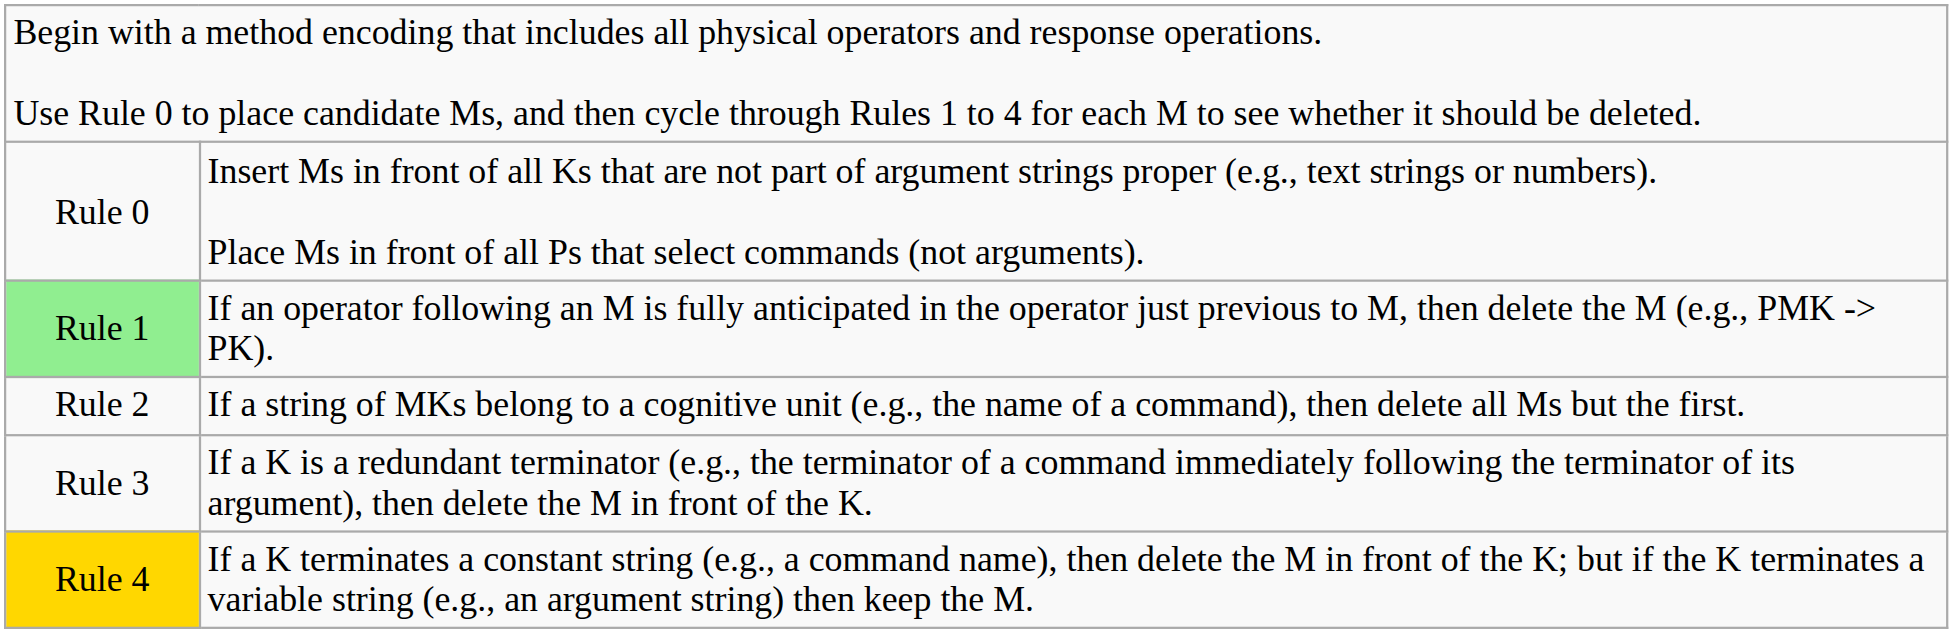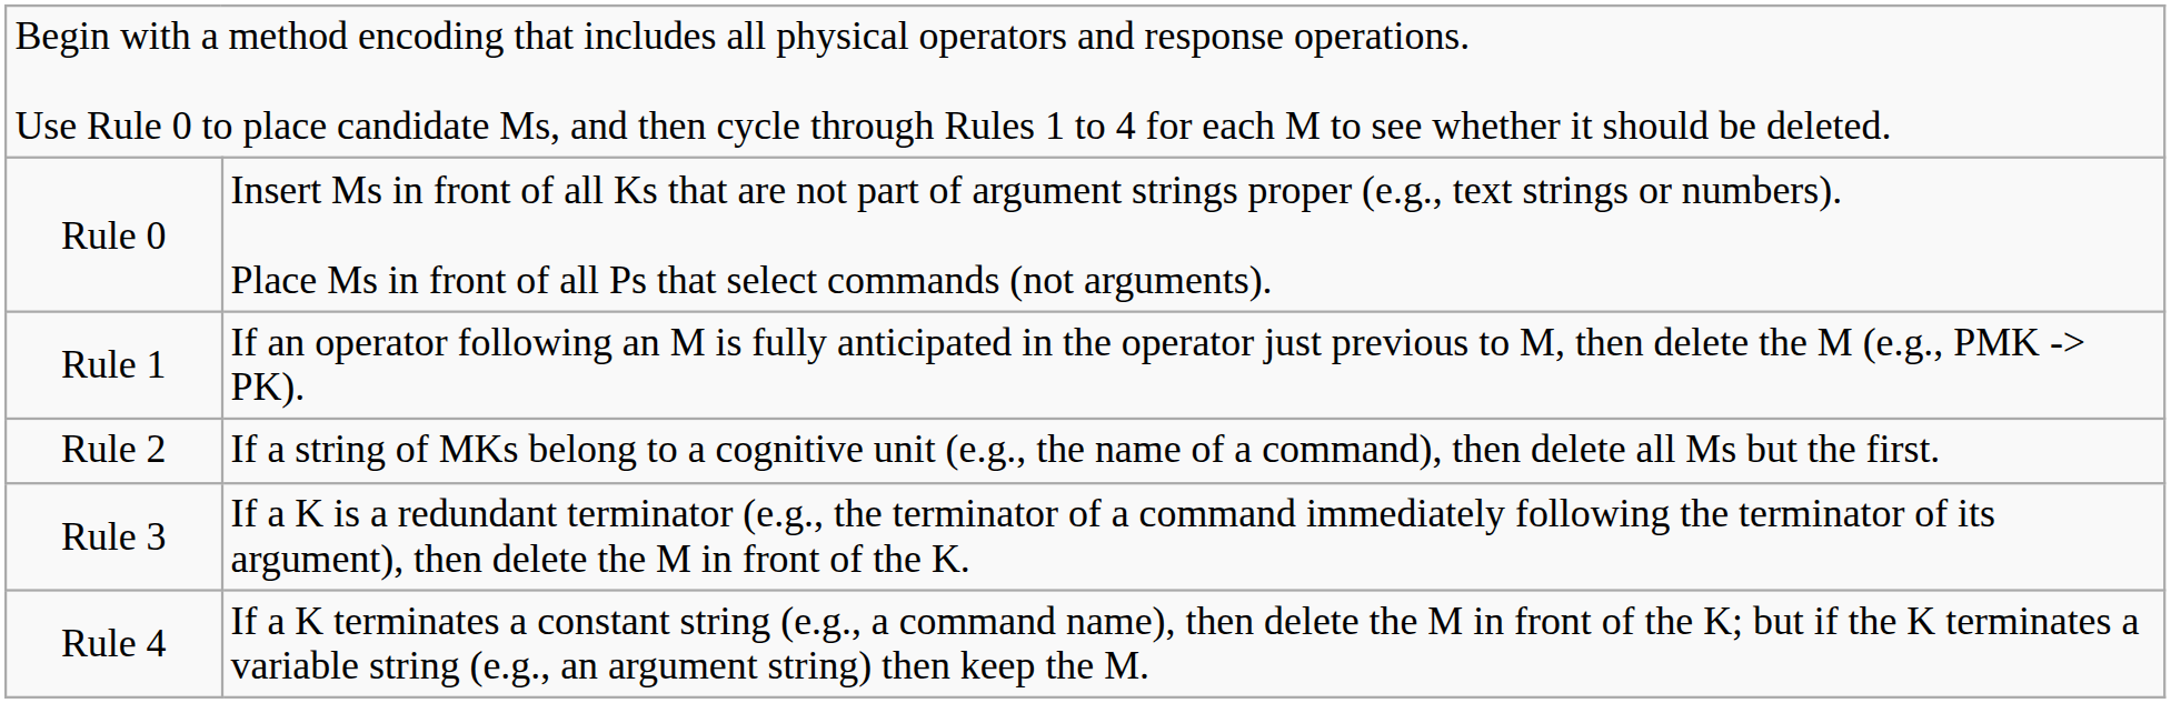 <table class="wikitable collapsible" border="1">
 <tr>
 <td colspan="2">Begin with a method encoding that includes all physical operators and response operations.<br><br>Use Rule 0 to place candidate Ms, and then cycle through Rules 1 to 4 for each M to see whether it should be deleted.</td>
 </tr>
 <tr>
 <td width="10%" align="center">Rule 0</td>
 <td>Insert Ms in front of all Ks that are not part of argument strings proper (e.g., text strings or numbers).<br><br>Place Ms in front of all Ps that select commands (not arguments).</td>
 </tr>
 <tr>
-<td width="10%" align="center" style="background: lightgreen;">Rule 1</td>
+<td width="10%" align="center">Rule 1</td>
 <td>If an operator following an M is fully anticipated in the operator just previous to M, then delete the M (e.g., PMK -> PK).</td>
 </tr>
 <tr>
 <td width="10%" align="center">Rule 2</td>
 <td>If a string of MKs belong to a cognitive unit (e.g., the name of a command), then delete all Ms but the first.</td>
 </tr>
 <tr>
 <td width="10%" align="center">Rule 3</td>
 <td>If a K is a redundant terminator (e.g., the terminator of a command immediately following the terminator of its argument), then delete the M in front of the K.</td>
 </tr>
 <tr>
-<td width="10%" align="center" style="background: gold;">Rule 4</td>
+<td width="10%" align="center">Rule 4</td>
 <td>If a K terminates a constant string (e.g., a command name), then delete the M in front of the K; but if the K terminates a variable string (e.g., an argument string) then keep the M.</td>
 </tr>
 </table>
